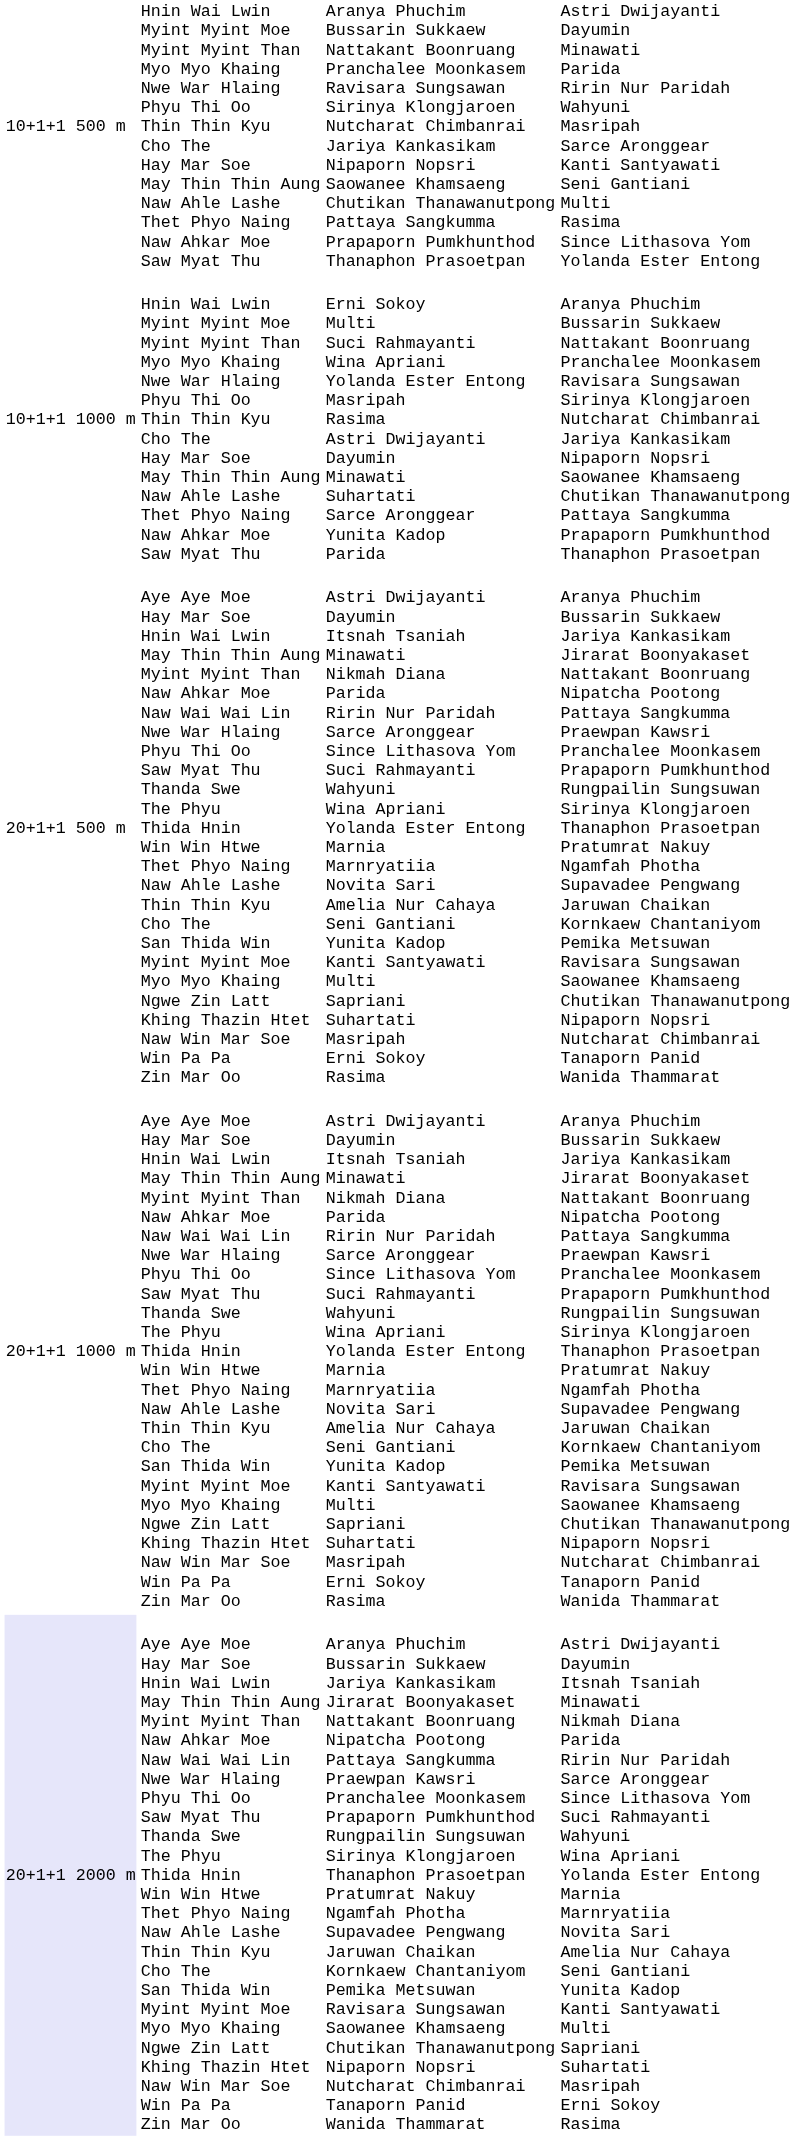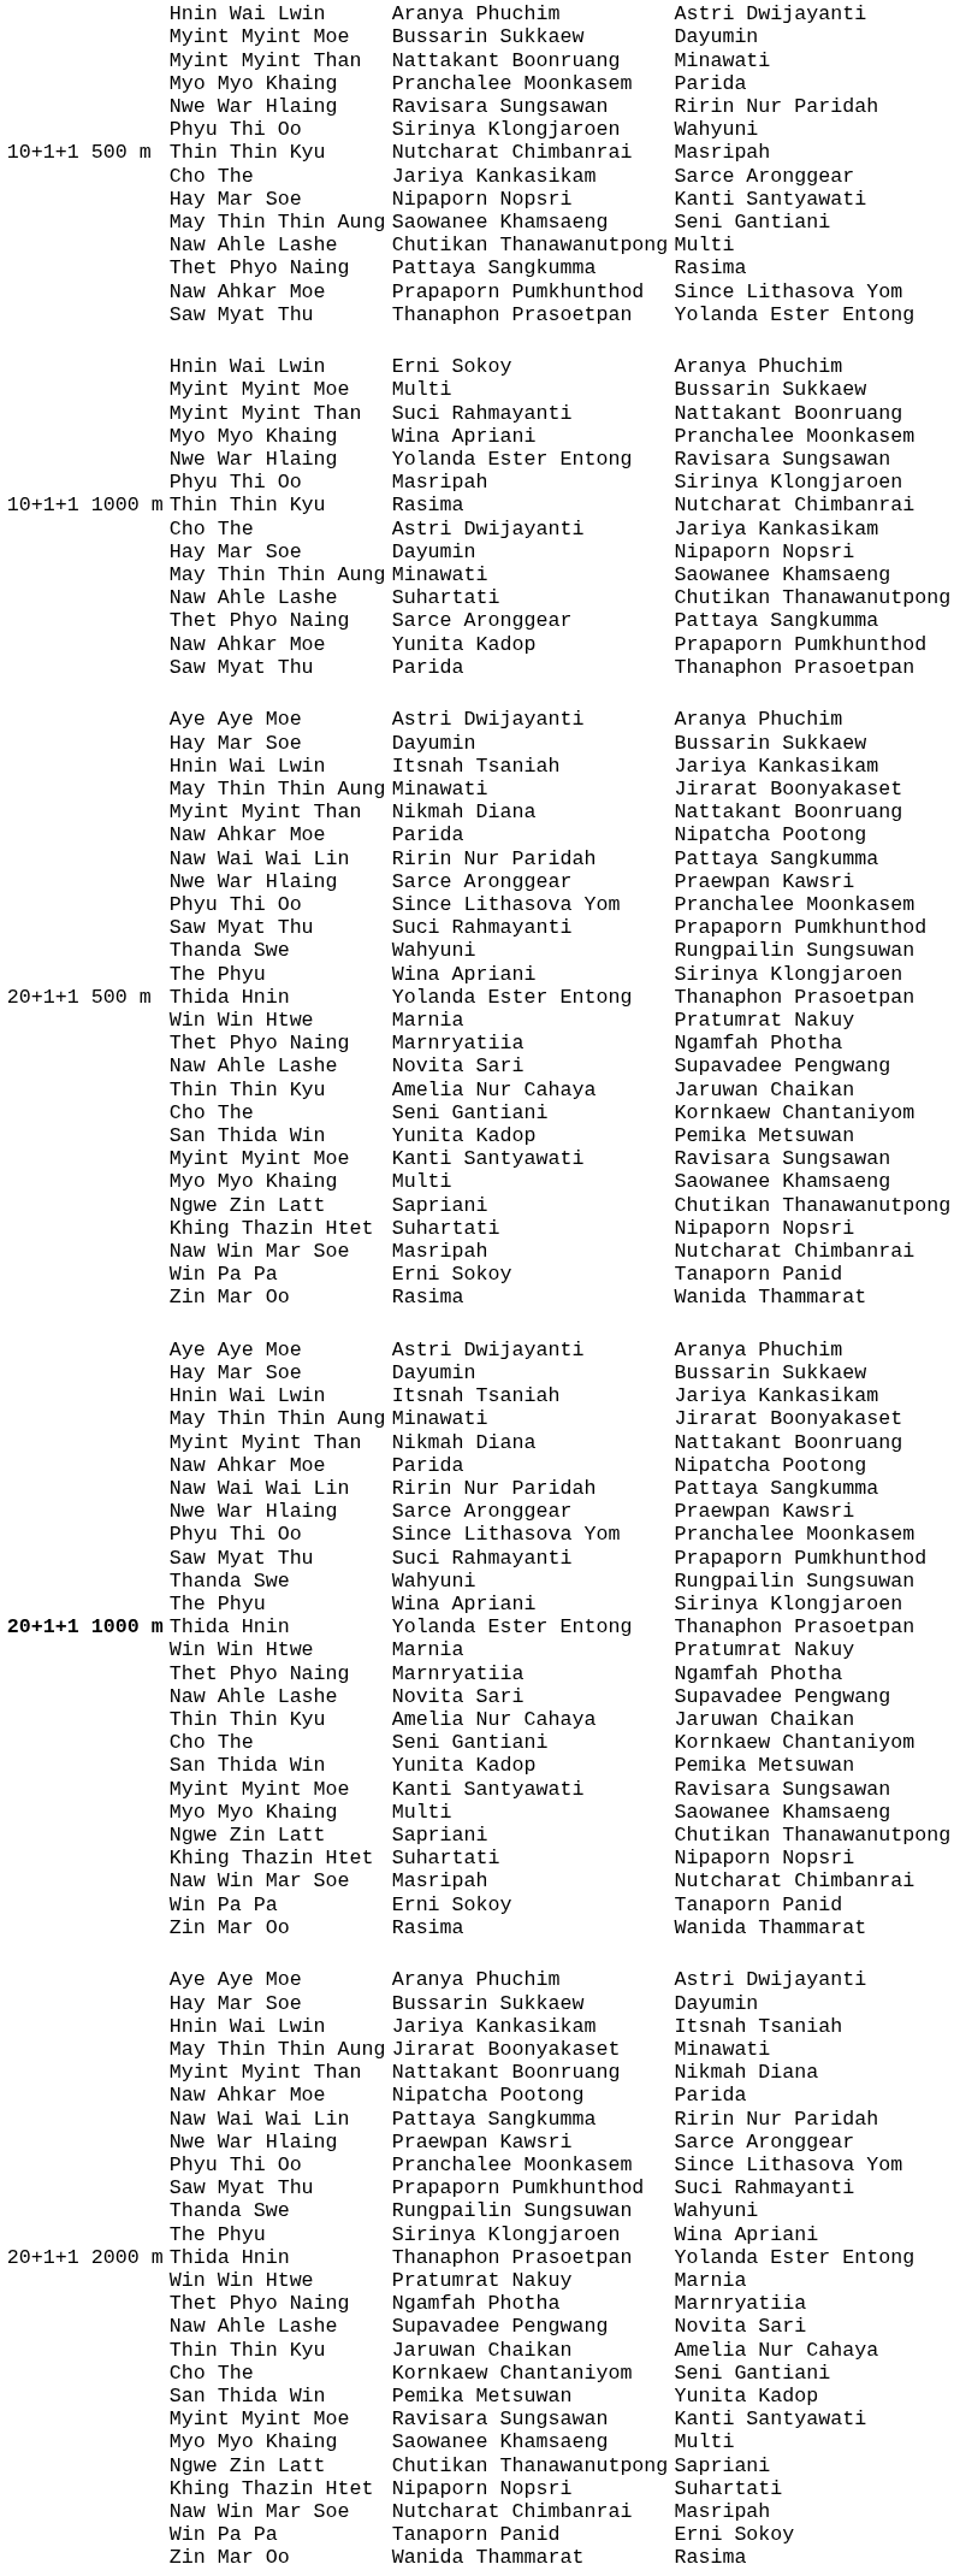 <table>
 <tr>
 <td>10+1+1 500 m</td>
 <td><br>Hnin Wai Lwin<br>Myint Myint Moe<br>Myint Myint Than<br>Myo Myo Khaing<br>Nwe War Hlaing <br>Phyu Thi Oo<br>Thin Thin Kyu<br>Cho The<br>Hay Mar Soe<br>May Thin Thin Aung<br>Naw Ahle Lashe<br>Thet Phyo Naing<br>Naw Ahkar Moe<br>Saw Myat Thu</td>
 <td><br>Aranya Phuchim<br>Bussarin Sukkaew<br>Nattakant Boonruang<br>Pranchalee Moonkasem<br>Ravisara Sungsawan<br>Sirinya Klongjaroen<br>Nutcharat Chimbanrai<br>Jariya Kankasikam<br>Nipaporn Nopsri<br>Saowanee Khamsaeng<br>Chutikan Thanawanutpong<br>Pattaya Sangkumma<br>Prapaporn Pumkhunthod<br>Thanaphon Prasoetpan</td>
 <td><br>Astri Dwijayanti<br>Dayumin<br>Minawati<br>Parida<br>Ririn Nur Paridah<br>Wahyuni<br>Masripah<br>Sarce Aronggear<br>Kanti Santyawati<br>Seni Gantiani<br>Multi<br>Rasima<br>Since Lithasova Yom<br>Yolanda Ester Entong</td>
 </tr>
 <tr>
 <td>10+1+1 1000 m</td>
 <td><br>Hnin Wai Lwin<br>Myint Myint Moe<br>Myint Myint Than<br>Myo Myo Khaing<br>Nwe War Hlaing <br>Phyu Thi Oo<br>Thin Thin Kyu<br>Cho The<br>Hay Mar Soe<br>May Thin Thin Aung<br>Naw Ahle Lashe<br>Thet Phyo Naing<br>Naw Ahkar Moe<br>Saw Myat Thu</td>
 <td><br>Erni Sokoy<br>Multi<br>Suci Rahmayanti<br>Wina Apriani<br>Yolanda Ester Entong<br>Masripah<br>Rasima<br>Astri Dwijayanti<br>Dayumin<br>Minawati<br>Suhartati<br>Sarce Aronggear<br>Yunita Kadop<br>Parida</td>
 <td><br>Aranya Phuchim<br>Bussarin Sukkaew<br>Nattakant Boonruang<br>Pranchalee Moonkasem<br>Ravisara Sungsawan<br>Sirinya Klongjaroen<br>Nutcharat Chimbanrai<br>Jariya Kankasikam<br>Nipaporn Nopsri<br>Saowanee Khamsaeng<br>Chutikan Thanawanutpong<br>Pattaya Sangkumma<br>Prapaporn Pumkhunthod<br>Thanaphon Prasoetpan</td>
 </tr>
 <tr>
 <td>20+1+1 500 m</td>
 <td><br>Aye Aye Moe<br>Hay Mar Soe<br>Hnin Wai Lwin<br>May Thin Thin Aung<br>Myint Myint Than<br>Naw Ahkar Moe<br>Naw Wai Wai Lin<br>Nwe War Hlaing<br>Phyu Thi Oo<br>Saw Myat Thu<br>Thanda Swe<br>The Phyu<br>Thida Hnin<br>Win Win Htwe<br>Thet Phyo Naing<br>Naw Ahle Lashe<br>Thin Thin Kyu<br>Cho The<br>San Thida Win<br>Myint Myint Moe<br>Myo Myo Khaing<br>Ngwe Zin Latt<br>Khing Thazin Htet<br>Naw Win Mar Soe<br>Win Pa Pa<br>Zin Mar Oo</td>
 <td><br>Astri Dwijayanti<br>Dayumin<br>Itsnah Tsaniah<br>Minawati<br>Nikmah Diana<br>Parida<br>Ririn Nur Paridah<br>Sarce Aronggear<br>Since Lithasova Yom<br>Suci Rahmayanti<br>Wahyuni<br>Wina Apriani<br>Yolanda Ester Entong<br>Marnia<br>Marnryatiia<br>Novita Sari<br>Amelia Nur Cahaya<br>Seni Gantiani<br>Yunita Kadop<br>Kanti Santyawati<br>Multi<br>Sapriani<br>Suhartati<br>Masripah<br>Erni Sokoy<br>Rasima</td>
 <td><br>Aranya Phuchim<br>Bussarin Sukkaew<br>Jariya Kankasikam<br>Jirarat Boonyakaset<br>Nattakant Boonruang<br>Nipatcha Pootong<br>Pattaya Sangkumma<br>Praewpan Kawsri<br>Pranchalee Moonkasem<br>Prapaporn Pumkhunthod<br>Rungpailin Sungsuwan<br>Sirinya Klongjaroen<br>Thanaphon Prasoetpan<br>Pratumrat Nakuy<br>Ngamfah Photha<br>Supavadee Pengwang<br>Jaruwan Chaikan<br>Kornkaew Chantaniyom<br>Pemika Metsuwan<br>Ravisara Sungsawan<br>Saowanee Khamsaeng<br>Chutikan Thanawanutpong<br>Nipaporn Nopsri<br>Nutcharat Chimbanrai<br>Tanaporn Panid<br>Wanida Thammarat</td>
 </tr>
 <tr>
-<td>20+1+1 1000 m</td>
+<td><strong>20+1+1 1000 m</strong></td>
 <td><br>Aye Aye Moe<br>Hay Mar Soe<br>Hnin Wai Lwin<br>May Thin Thin Aung<br>Myint Myint Than<br>Naw Ahkar Moe<br>Naw Wai Wai Lin<br>Nwe War Hlaing<br>Phyu Thi Oo<br>Saw Myat Thu<br>Thanda Swe<br>The Phyu<br>Thida Hnin<br>Win Win Htwe<br>Thet Phyo Naing<br>Naw Ahle Lashe<br>Thin Thin Kyu<br>Cho The<br>San Thida Win<br>Myint Myint Moe<br>Myo Myo Khaing<br>Ngwe Zin Latt<br>Khing Thazin Htet<br>Naw Win Mar Soe<br>Win Pa Pa<br>Zin Mar Oo</td>
 <td><br>Astri Dwijayanti<br>Dayumin<br>Itsnah Tsaniah<br>Minawati<br>Nikmah Diana<br>Parida<br>Ririn Nur Paridah<br>Sarce Aronggear<br>Since Lithasova Yom<br>Suci Rahmayanti<br>Wahyuni<br>Wina Apriani<br>Yolanda Ester Entong<br>Marnia<br>Marnryatiia<br>Novita Sari<br>Amelia Nur Cahaya<br>Seni Gantiani<br>Yunita Kadop<br>Kanti Santyawati<br>Multi<br>Sapriani<br>Suhartati<br>Masripah<br>Erni Sokoy<br>Rasima</td>
 <td><br>Aranya Phuchim<br>Bussarin Sukkaew<br>Jariya Kankasikam<br>Jirarat Boonyakaset<br>Nattakant Boonruang<br>Nipatcha Pootong<br>Pattaya Sangkumma<br>Praewpan Kawsri<br>Pranchalee Moonkasem<br>Prapaporn Pumkhunthod<br>Rungpailin Sungsuwan<br>Sirinya Klongjaroen<br>Thanaphon Prasoetpan<br>Pratumrat Nakuy<br>Ngamfah Photha<br>Supavadee Pengwang<br>Jaruwan Chaikan<br>Kornkaew Chantaniyom<br>Pemika Metsuwan<br>Ravisara Sungsawan<br>Saowanee Khamsaeng<br>Chutikan Thanawanutpong<br>Nipaporn Nopsri<br>Nutcharat Chimbanrai<br>Tanaporn Panid<br>Wanida Thammarat</td>
 </tr>
 <tr>
-<td style="background: lavender;">20+1+1 2000 m</td>
+<td>20+1+1 2000 m</td>
 <td><br>Aye Aye Moe<br>Hay Mar Soe<br>Hnin Wai Lwin<br>May Thin Thin Aung<br>Myint Myint Than<br>Naw Ahkar Moe<br>Naw Wai Wai Lin<br>Nwe War Hlaing<br>Phyu Thi Oo<br>Saw Myat Thu<br>Thanda Swe<br>The Phyu<br>Thida Hnin<br>Win Win Htwe<br>Thet Phyo Naing<br>Naw Ahle Lashe<br>Thin Thin Kyu<br>Cho The<br>San Thida Win<br>Myint Myint Moe<br>Myo Myo Khaing<br>Ngwe Zin Latt<br>Khing Thazin Htet<br>Naw Win Mar Soe<br>Win Pa Pa<br>Zin Mar Oo</td>
 <td><br>Aranya Phuchim<br>Bussarin Sukkaew<br>Jariya Kankasikam<br>Jirarat Boonyakaset<br>Nattakant Boonruang<br>Nipatcha Pootong<br>Pattaya Sangkumma<br>Praewpan Kawsri<br>Pranchalee Moonkasem<br>Prapaporn Pumkhunthod<br>Rungpailin Sungsuwan<br>Sirinya Klongjaroen<br>Thanaphon Prasoetpan<br>Pratumrat Nakuy<br>Ngamfah Photha<br>Supavadee Pengwang<br>Jaruwan Chaikan<br>Kornkaew Chantaniyom<br>Pemika Metsuwan<br>Ravisara Sungsawan<br>Saowanee Khamsaeng<br>Chutikan Thanawanutpong<br>Nipaporn Nopsri<br>Nutcharat Chimbanrai<br>Tanaporn Panid<br>Wanida Thammarat</td>
 <td><br>Astri Dwijayanti<br>Dayumin<br>Itsnah Tsaniah<br>Minawati<br>Nikmah Diana<br>Parida<br>Ririn Nur Paridah<br>Sarce Aronggear<br>Since Lithasova Yom<br>Suci Rahmayanti<br>Wahyuni<br>Wina Apriani<br>Yolanda Ester Entong<br>Marnia<br>Marnryatiia<br>Novita Sari<br>Amelia Nur Cahaya<br>Seni Gantiani<br>Yunita Kadop<br>Kanti Santyawati<br>Multi<br>Sapriani<br>Suhartati<br>Masripah<br>Erni Sokoy<br>Rasima</td>
 </tr>
 </table>
